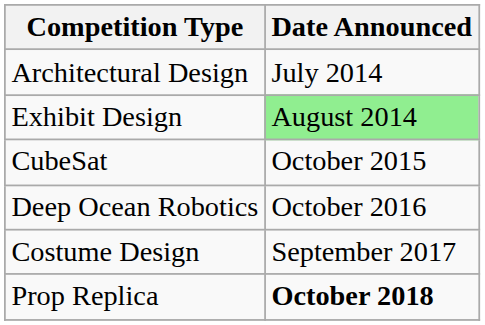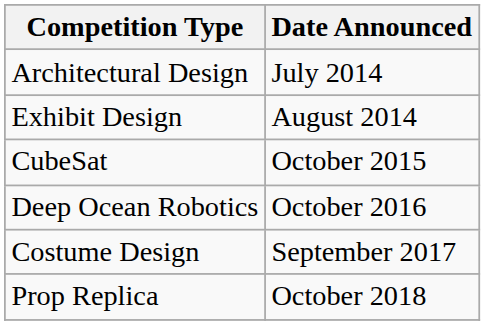 <table class="wikitable">
 <tr>
 <th>Competition Type</th>
 <th>Date Announced</th>
 </tr>
 <tr>
 <td>Architectural Design</td>
 <td>July 2014</td>
 </tr>
 <tr>
 <td>Exhibit Design</td>
-<td style="background: lightgreen;">August 2014</td>
+<td>August 2014</td>
 </tr>
 <tr>
 <td>CubeSat</td>
 <td>October 2015</td>
 </tr>
 <tr>
 <td>Deep Ocean Robotics</td>
 <td>October 2016</td>
 </tr>
 <tr>
 <td>Costume Design</td>
 <td>September 2017</td>
 </tr>
 <tr>
 <td>Prop Replica</td>
-<td><strong>October 2018</strong></td>
+<td>October 2018</td>
 </tr>
 </table>
